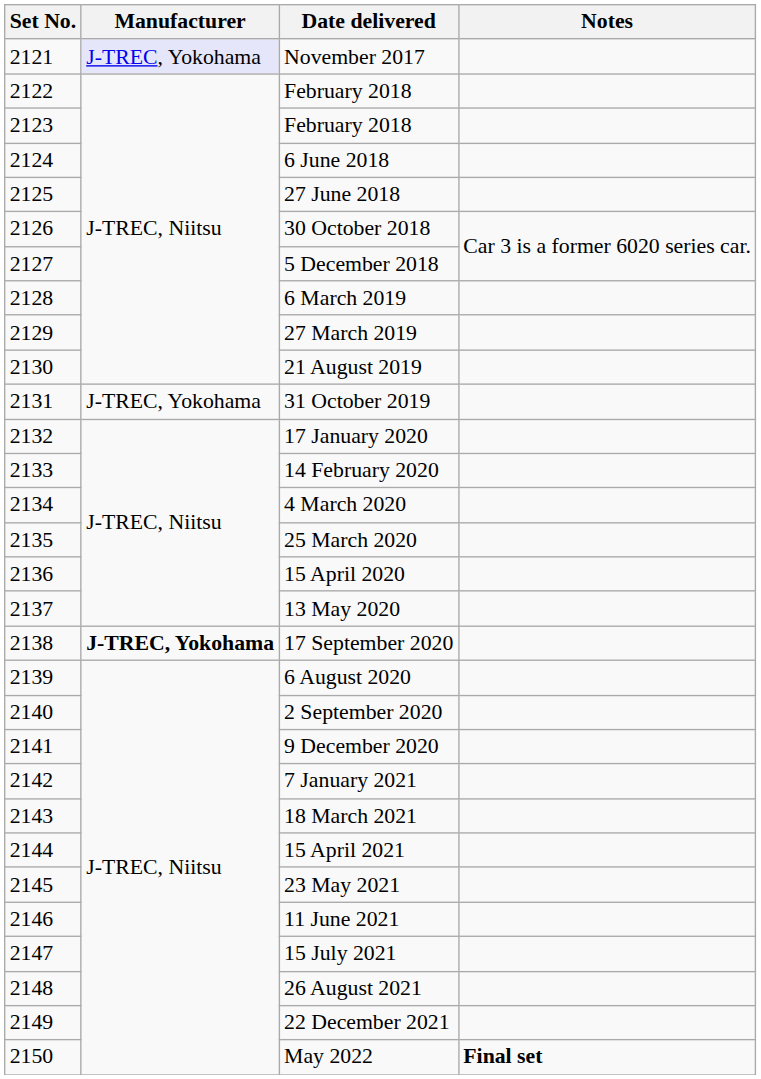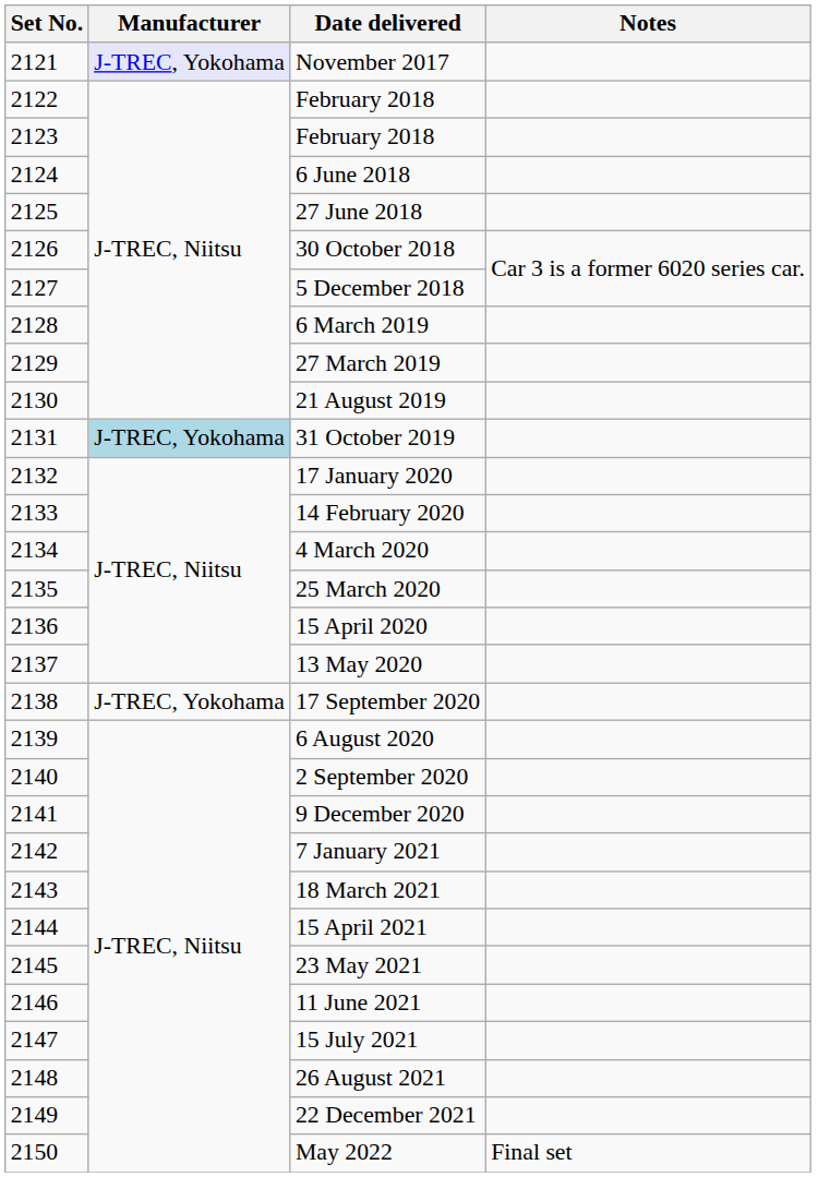 <table class="wikitable mw-collapsible mw-collapsed">
 <tr>
 <th>Set No.</th>
 <th>Manufacturer</th>
 <th>Date delivered</th>
 <th>Notes</th>
 </tr>
 <tr>
 <td>2121</td>
 <td style="background: lavender;"><a href='#'>J-TREC</a>, Yokohama</td>
 <td>November 2017</td>
 <td></td>
 </tr>
 <tr>
 <td>2122</td>
 <td rowspan="9">J-TREC, Niitsu</td>
 <td>February 2018</td>
 <td></td>
 </tr>
 <tr>
 <td>2123</td>
 <td>February 2018</td>
 <td></td>
 </tr>
 <tr>
 <td>2124</td>
 <td>6 June 2018</td>
 <td></td>
 </tr>
 <tr>
 <td>2125</td>
 <td>27 June 2018</td>
 <td></td>
 </tr>
 <tr>
 <td>2126</td>
 <td>30 October 2018</td>
 <td rowspan="2">Car 3 is a former 6020 series car.</td>
 </tr>
 <tr>
 <td>2127</td>
 <td>5 December 2018</td>
 </tr>
 <tr>
 <td>2128</td>
 <td>6 March 2019</td>
 <td></td>
 </tr>
 <tr>
 <td>2129</td>
 <td>27 March 2019</td>
 <td></td>
 </tr>
 <tr>
 <td>2130</td>
 <td>21 August 2019</td>
 <td></td>
 </tr>
 <tr>
 <td>2131</td>
-<td>J-TREC, Yokohama</td>
+<td style="background: lightblue;">J-TREC, Yokohama</td>
 <td>31 October 2019</td>
 <td></td>
 </tr>
 <tr>
 <td>2132</td>
 <td rowspan="6">J-TREC, Niitsu</td>
 <td>17 January 2020</td>
 <td></td>
 </tr>
 <tr>
 <td>2133</td>
 <td>14 February 2020</td>
 <td></td>
 </tr>
 <tr>
 <td>2134</td>
 <td>4 March 2020</td>
 <td></td>
 </tr>
 <tr>
 <td>2135</td>
 <td>25 March 2020</td>
 <td></td>
 </tr>
 <tr>
 <td>2136</td>
 <td>15 April 2020</td>
 <td></td>
 </tr>
 <tr>
 <td>2137</td>
 <td>13 May 2020</td>
 <td></td>
 </tr>
 <tr>
 <td>2138</td>
-<td><strong>J-TREC, Yokohama</strong></td>
+<td>J-TREC, Yokohama</td>
 <td>17 September 2020</td>
 <td></td>
 </tr>
 <tr>
 <td>2139</td>
 <td rowspan="12">J-TREC, Niitsu</td>
 <td>6 August 2020</td>
 <td></td>
 </tr>
 <tr>
 <td>2140</td>
 <td>2 September 2020</td>
 <td></td>
 </tr>
 <tr>
 <td>2141</td>
 <td>9 December 2020</td>
 <td></td>
 </tr>
 <tr>
 <td>2142</td>
 <td>7 January 2021</td>
 <td></td>
 </tr>
 <tr>
 <td>2143</td>
 <td>18 March 2021</td>
 <td></td>
 </tr>
 <tr>
 <td>2144</td>
 <td>15 April 2021</td>
 <td></td>
 </tr>
 <tr>
 <td>2145</td>
 <td>23 May 2021</td>
 <td></td>
 </tr>
 <tr>
 <td>2146</td>
 <td>11 June 2021</td>
 <td></td>
 </tr>
 <tr>
 <td>2147</td>
 <td>15 July 2021</td>
 <td></td>
 </tr>
 <tr>
 <td>2148</td>
 <td>26 August 2021</td>
 <td></td>
 </tr>
 <tr>
 <td>2149</td>
 <td>22 December 2021</td>
 </tr>
 <tr>
 <td>2150</td>
 <td>May 2022</td>
-<td><strong>Final set</strong></td>
+<td>Final set</td>
 </tr>
 </table>
